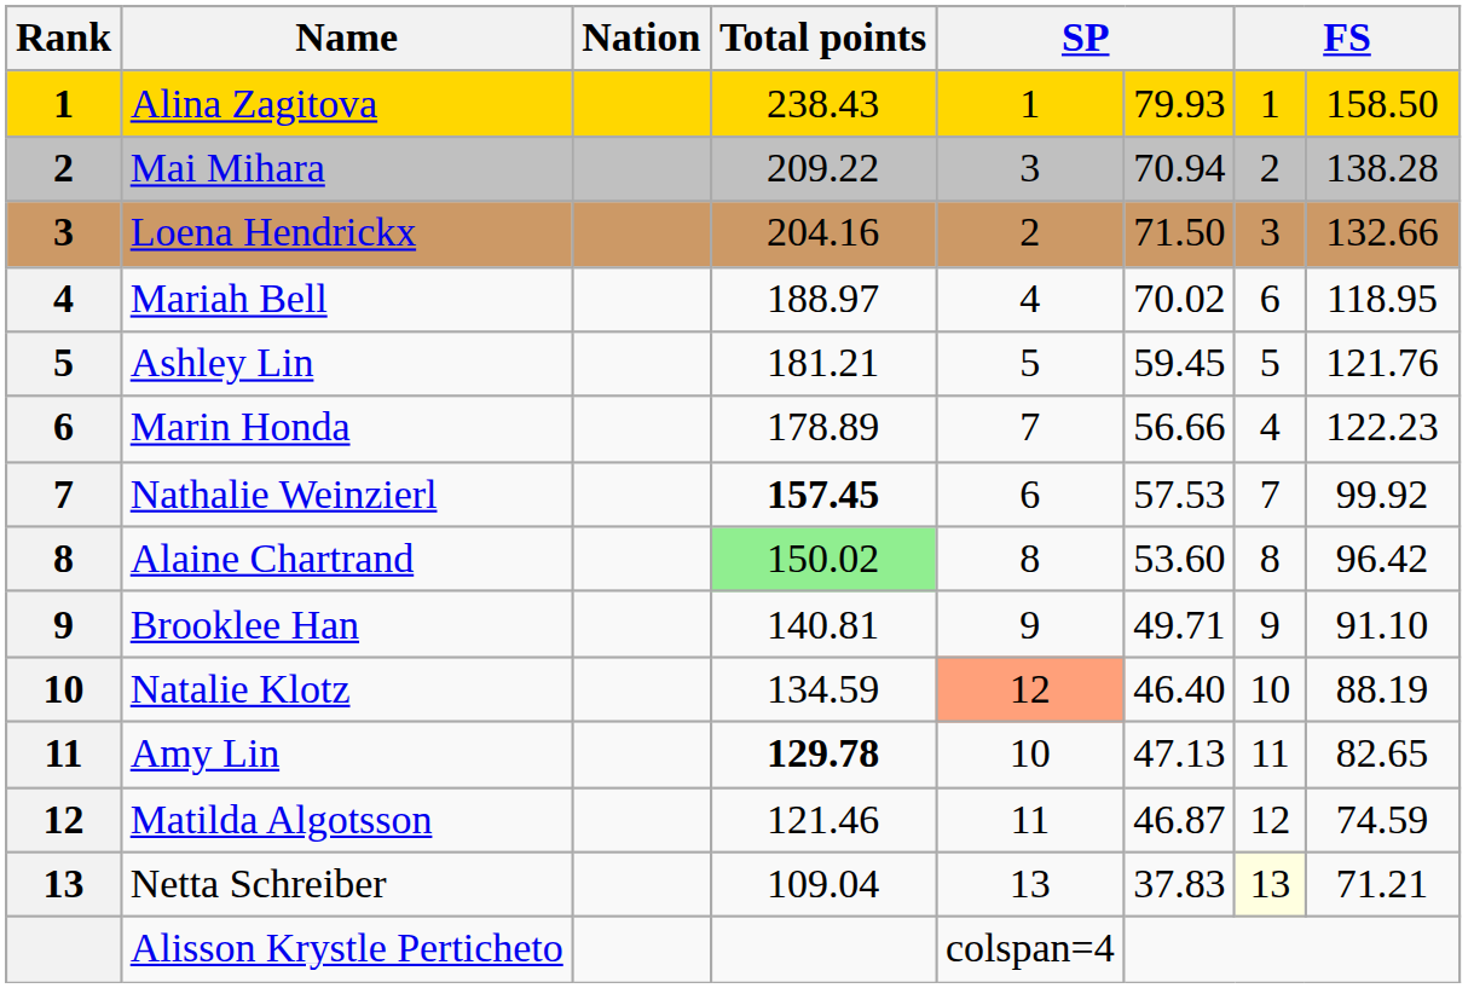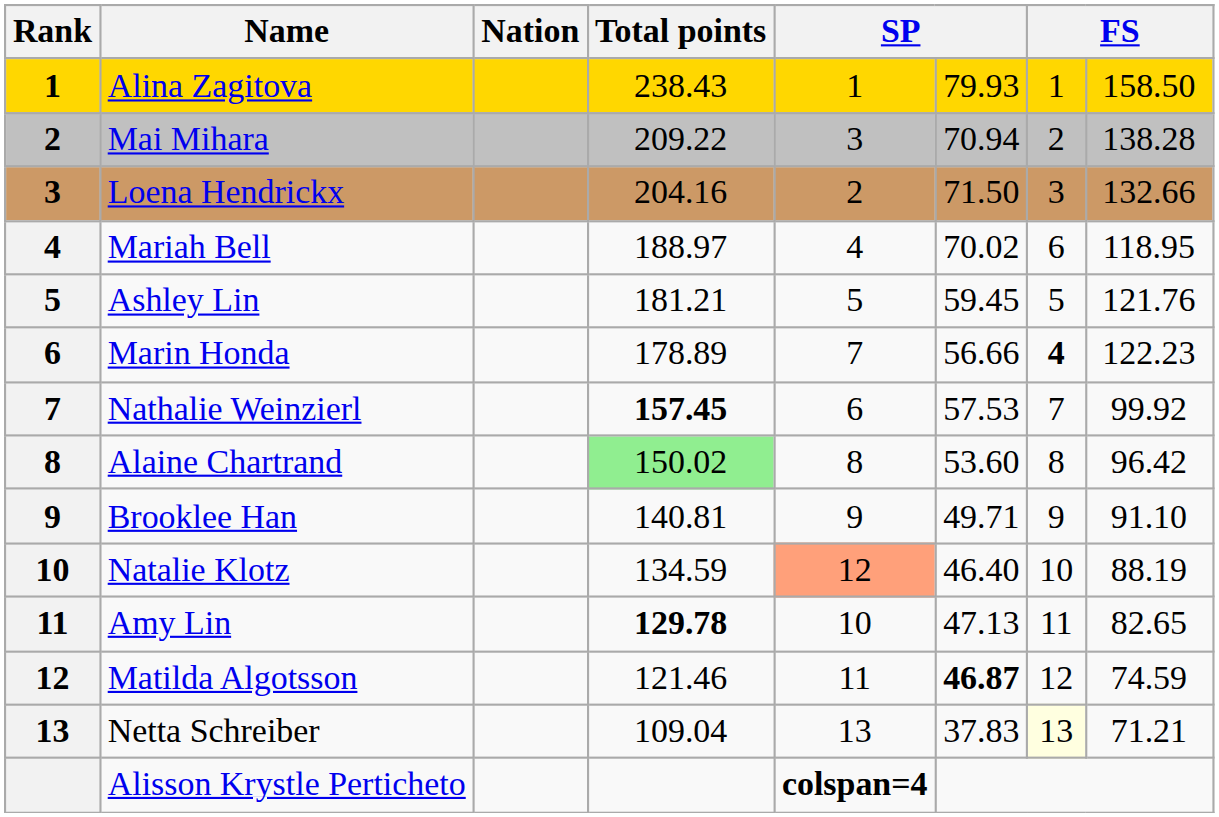 <table class="wikitable sortable">
 <tr>
 <th>Rank</th>
 <th>Name</th>
 <th>Nation</th>
 <th>Total points</th>
 <th colspan="2" width="80px"><a href='#'>SP</a></th>
 <th colspan="2" width="80px"><a href='#'>FS</a></th>
 </tr>
 <tr bgcolor="gold">
 <td align="center"><strong>1</strong></td>
 <td><a href='#'>Alina Zagitova</a></td>
 <td></td>
 <td align="center">238.43</td>
 <td align="center">1</td>
 <td align="center">79.93</td>
 <td align="center">1</td>
 <td align="center">158.50</td>
 </tr>
 <tr bgcolor="silver">
 <td align="center"><strong>2</strong></td>
 <td><a href='#'>Mai Mihara</a></td>
 <td></td>
 <td align="center">209.22</td>
 <td align="center">3</td>
 <td align="center">70.94</td>
 <td align="center">2</td>
 <td align="center">138.28</td>
 </tr>
 <tr bgcolor="cc9966">
 <td align="center"><strong>3</strong></td>
 <td><a href='#'>Loena Hendrickx</a></td>
 <td></td>
 <td align="center">204.16</td>
 <td align="center">2</td>
 <td align="center">71.50</td>
 <td align="center">3</td>
 <td align="center">132.66</td>
 </tr>
 <tr>
 <th>4</th>
 <td><a href='#'>Mariah Bell</a></td>
 <td></td>
 <td align="center">188.97</td>
 <td align="center">4</td>
 <td align="center">70.02</td>
 <td align="center">6</td>
 <td align="center">118.95</td>
 </tr>
 <tr>
 <th>5</th>
 <td><a href='#'>Ashley Lin</a></td>
 <td></td>
 <td align="center">181.21</td>
 <td align="center">5</td>
 <td align="center">59.45</td>
 <td align="center">5</td>
 <td align="center">121.76</td>
 </tr>
 <tr>
 <th>6</th>
 <td><a href='#'>Marin Honda</a></td>
 <td></td>
 <td align="center">178.89</td>
 <td align="center">7</td>
 <td align="center">56.66</td>
-<td align="center">4</td>
+<td align="center"><strong>4</strong></td>
 <td align="center">122.23</td>
 </tr>
 <tr>
 <th>7</th>
 <td><a href='#'>Nathalie Weinzierl</a></td>
 <td></td>
 <td align="center"><strong>157.45</strong></td>
 <td align="center">6</td>
 <td align="center">57.53</td>
 <td align="center">7</td>
 <td align="center">99.92</td>
 </tr>
 <tr>
 <th>8</th>
 <td><a href='#'>Alaine Chartrand</a></td>
 <td></td>
 <td align="center" style="background: lightgreen;">150.02</td>
 <td align="center">8</td>
 <td align="center">53.60</td>
 <td align="center">8</td>
 <td align="center">96.42</td>
 </tr>
 <tr>
 <th>9</th>
 <td><a href='#'>Brooklee Han</a></td>
 <td></td>
 <td align="center">140.81</td>
 <td align="center">9</td>
 <td align="center">49.71</td>
 <td align="center">9</td>
 <td align="center">91.10</td>
 </tr>
 <tr>
 <th>10</th>
 <td><a href='#'>Natalie Klotz</a></td>
 <td></td>
 <td align="center">134.59</td>
 <td align="center" style="background: lightsalmon;">12</td>
 <td align="center">46.40</td>
 <td align="center">10</td>
 <td align="center">88.19</td>
 </tr>
 <tr>
 <th>11</th>
 <td><a href='#'>Amy Lin</a></td>
 <td></td>
 <td align="center"><strong>129.78</strong></td>
 <td align="center">10</td>
 <td align="center">47.13</td>
 <td align="center">11</td>
 <td align="center">82.65</td>
 </tr>
 <tr>
 <th>12</th>
 <td><a href='#'>Matilda Algotsson</a></td>
 <td></td>
 <td align="center">121.46</td>
 <td align="center">11</td>
-<td align="center">46.87</td>
+<td align="center"><strong>46.87</strong></td>
 <td align="center">12</td>
 <td align="center">74.59</td>
 </tr>
 <tr>
 <th>13</th>
 <td>Netta Schreiber</td>
 <td></td>
 <td align="center">109.04</td>
 <td align="center">13</td>
 <td align="center">37.83</td>
 <td align="center" style="background: lightyellow;">13</td>
 <td align="center">71.21</td>
 </tr>
 <tr>
 <th></th>
 <td><a href='#'>Alisson Krystle Perticheto</a></td>
 <td></td>
 <td></td>
-<td>colspan=4 </td>
+<td><strong>colspan=4 </strong></td>
 </tr>
 </table>
